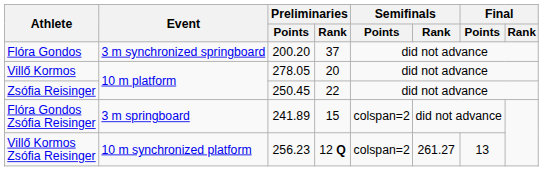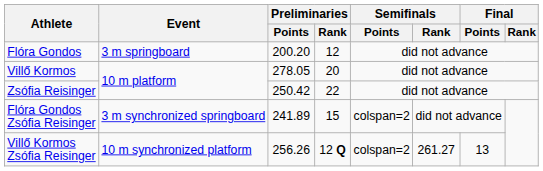 <table class=wikitable style="font-size:90%;">
 <tr>
 <th rowspan="2">Athlete</th>
 <th rowspan="2">Event</th>
 <th colspan="2">Preliminaries</th>
 <th colspan="2">Semifinals</th>
 <th colspan="2">Final</th>
 </tr>
 <tr style="font-size:95%">
 <th>Points</th>
 <th>Rank</th>
 <th>Points</th>
 <th>Rank</th>
 <th>Points</th>
 <th>Rank</th>
 </tr>
 <tr align=center>
 <td align=left><a href='#'>Flóra Gondos</a></td>
-<td align=left><a href='#'>3 m synchronized springboard</a></td>
+<td align=left><a href='#'>3 m springboard</a></td>
 <td>200.20</td>
-<td>37</td>
+<td>12</td>
 <td colspan=4>did not advance</td>
 </tr>
 <tr align=center>
 <td align=left><a href='#'>Villő Kormos</a></td>
 <td align=left rowspan=2><a href='#'>10 m platform</a></td>
 <td>278.05</td>
 <td>20</td>
 <td colspan=4>did not advance</td>
 </tr>
 <tr align=center>
 <td align=left><a href='#'>Zsófia Reisinger</a></td>
-<td>250.45</td>
+<td>250.42</td>
 <td>22</td>
 <td colspan=4>did not advance</td>
 </tr>
 <tr align=center>
 <td align=left><a href='#'>Flóra Gondos</a><br><a href='#'>Zsófia Reisinger</a></td>
-<td align=left><a href='#'>3 m springboard</a></td>
+<td align=left><a href='#'>3 m synchronized springboard</a></td>
 <td>241.89</td>
 <td>15</td>
 <td>colspan=2 </td>
 <td colspan=2>did not advance</td>
 </tr>
 <tr align=center>
 <td align=left><a href='#'>Villő Kormos</a><br><a href='#'>Zsófia Reisinger</a></td>
 <td align=left><a href='#'>10 m synchronized platform</a></td>
-<td>256.23</td>
+<td>256.26</td>
 <td>12 <strong>Q</strong></td>
 <td>colspan=2 </td>
 <td>261.27</td>
 <td>13</td>
 </tr>
 </table>
